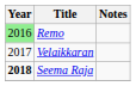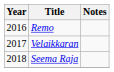 <table class="wikitable">
 <tr>
 <th>Year</th>
 <th>Title</th>
 <th>Notes</th>
 </tr>
 <tr>
-<td style="background: lightgreen;">2016</td>
+<td>2016</td>
 <td><em><a href='#'>Remo</a></em></td>
 <td></td>
 </tr>
 <tr>
 <td>2017</td>
 <td><em><a href='#'>Velaikkaran</a></em></td>
 <td></td>
 </tr>
 <tr>
-<td><strong>2018</strong></td>
+<td>2018</td>
 <td><em><a href='#'>Seema Raja</a></em></td>
 <td></td>
 </tr>
 <tr>
 </tr>
 </table>
